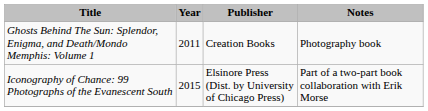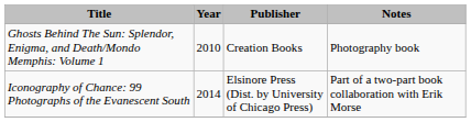 <table class="wikitable">
 <tr>
 <th style="background: silver">Title</th>
 <th style="background: silver">Year</th>
 <th style="background: silver">Publisher</th>
 <th style="background: silver">Notes</th>
 </tr>
 <tr>
 <td><em>Ghosts Behind The Sun: Splendor, Enigma, and Death/Mondo Memphis: Volume 1</em></td>
-<td>2011</td>
+<td>2010</td>
 <td>Creation Books</td>
 <td>Photography book</td>
 </tr>
 <tr>
 <td><em>Iconography of Chance: 99 Photographs of the Evanescent South</em></td>
-<td>2015</td>
+<td>2014</td>
 <td><span>Elsinore Press</span><br><span>(Dist. by University of Chicago Press)</span></td>
 <td>Part of a two-part book collaboration with Erik Morse</td>
 </tr>
 <tr>
 </tr>
 </table>
